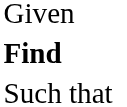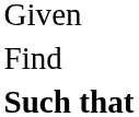 <table>
 <tr>
 <td>Given</td>
 <td colspan="2"></td>
 </tr>
 <tr>
-<td><strong>Find</strong></td>
+<td>Find</td>
 <td colspan="2"></td>
 </tr>
 <tr>
-<td>Such that</td>
+<td><strong>Such that</strong></td>
 </tr>
 <tr>
 <td></td>
 <td></td>
 <td></td>
 </tr>
 <tr>
 <td></td>
 <td></td>
 <td></td>
 </tr>
 </table>
